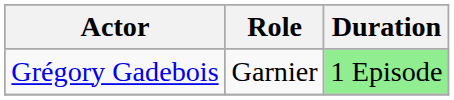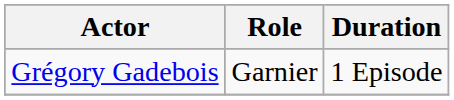 <table class="wikitable">
 <tr>
 <th>Actor</th>
 <th>Role</th>
 <th>Duration</th>
 </tr>
 <tr>
 <td><a href='#'>Grégory Gadebois</a></td>
 <td>Garnier</td>
-<td style="background: lightgreen;">1 Episode</td>
+<td>1 Episode</td>
 </tr>
 <tr>
 </tr>
 </table>
